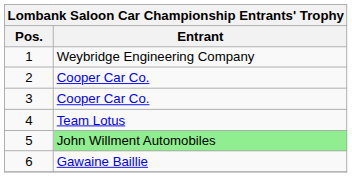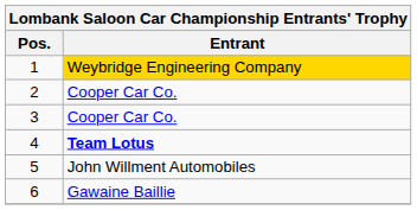 <table class="wikitable" style="font-size: 90%">
 <tr>
 <th colspan=3>Lombank Saloon Car Championship Entrants' Trophy</th>
 </tr>
 <tr>
 <th>Pos.</th>
 <th>Entrant </th>
 </tr>
 <tr>
 <td align=center>1</td>
-<td>Weybridge Engineering Company</td>
+<td style="background: gold;">Weybridge Engineering Company</td>
 </tr>
 <tr>
 <td align=center>2</td>
 <td><a href='#'>Cooper Car Co.</a></td>
 </tr>
 <tr>
 <td align=center>3</td>
 <td><a href='#'>Cooper Car Co.</a></td>
 </tr>
 <tr>
 <td align=center>4</td>
-<td><a href='#'>Team Lotus</a></td>
+<td><strong><a href='#'>Team Lotus</a></strong></td>
 </tr>
 <tr>
 <td align=center>5</td>
-<td style="background: lightgreen;">John Willment Automobiles</td>
+<td>John Willment Automobiles</td>
 </tr>
 <tr>
 <td align=center>6</td>
 <td><a href='#'>Gawaine Baillie</a></td>
 </tr>
 <tr>
 </tr>
 </table>
